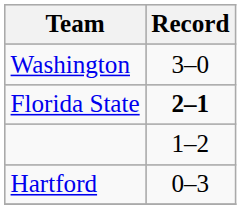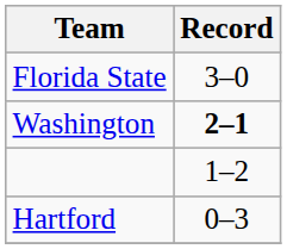 <table class="wikitable" style="text-align:center">
 <tr>
 <th>Team</th>
 <th>Record</th>
 </tr>
 <tr>
-<td align=left><a href='#'>Washington</a></td>
+<td align=left><a href='#'>Florida State</a></td>
 <td>3–0</td>
 </tr>
 <tr>
-<td align=left><a href='#'>Florida State</a></td>
+<td align=left><a href='#'>Washington</a></td>
 <td><strong>2–1</strong></td>
 </tr>
 <tr>
 <td align=left></td>
 <td>1–2</td>
 </tr>
 <tr>
 <td align=left><a href='#'>Hartford</a></td>
 <td>0–3</td>
 </tr>
 <tr>
 </tr>
 </table>
